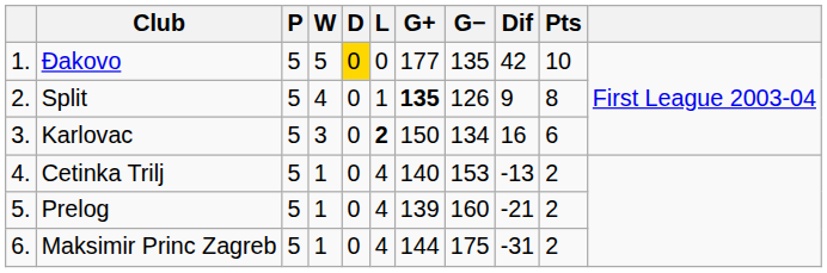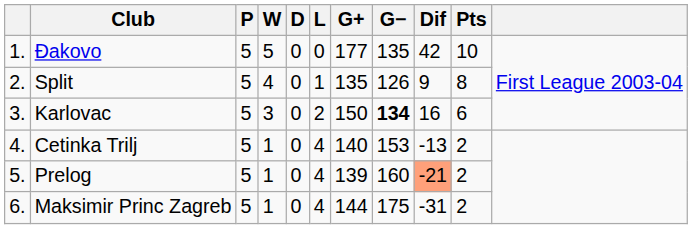 <table class="wikitable">
 <tr>
 <th></th>
 <th>Club</th>
 <th>P</th>
 <th>W</th>
 <th>D</th>
 <th>L</th>
 <th>G+</th>
 <th>G−</th>
 <th>Dif</th>
 <th>Pts</th>
 <th></th>
 </tr>
 <tr>
 <td>1.</td>
 <td><a href='#'>Đakovo</a></td>
 <td>5</td>
 <td>5</td>
-<td style="background: gold;">0</td>
+<td>0</td>
 <td>0</td>
 <td>177</td>
 <td>135</td>
 <td>42</td>
 <td>10</td>
 <td rowspan="3"><a href='#'>First League 2003-04</a></td>
 </tr>
 <tr>
 <td>2.</td>
 <td>Split</td>
 <td>5</td>
 <td>4</td>
 <td>0</td>
 <td>1</td>
-<td><strong>135</strong></td>
+<td>135</td>
 <td>126</td>
 <td>9</td>
 <td>8</td>
 </tr>
 <tr>
 <td>3.</td>
 <td>Karlovac</td>
 <td>5</td>
 <td>3</td>
 <td>0</td>
-<td><strong>2</strong></td>
+<td>2</td>
 <td>150</td>
-<td>134</td>
+<td><strong>134</strong></td>
 <td>16</td>
 <td>6</td>
 </tr>
 <tr>
 <td>4.</td>
 <td>Cetinka Trilj</td>
 <td>5</td>
 <td>1</td>
 <td>0</td>
 <td>4</td>
 <td>140</td>
 <td>153</td>
 <td>-13</td>
 <td>2</td>
 <td rowspan="3"></td>
 </tr>
 <tr>
 <td>5.</td>
 <td>Prelog</td>
 <td>5</td>
 <td>1</td>
 <td>0</td>
 <td>4</td>
 <td>139</td>
 <td>160</td>
-<td>-21</td>
+<td style="background: lightsalmon;">-21</td>
 <td>2</td>
 </tr>
 <tr>
 <td>6.</td>
 <td>Maksimir Princ Zagreb</td>
 <td>5</td>
 <td>1</td>
 <td>0</td>
 <td>4</td>
 <td>144</td>
 <td>175</td>
 <td>-31</td>
 <td>2</td>
 </tr>
 </table>
